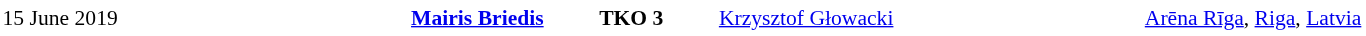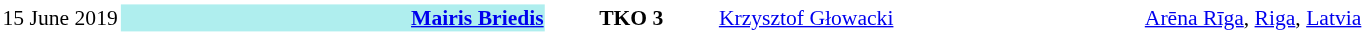 <table cellspacing="1" style="width:100%;">
 <tr>
 <th width="15%"></th>
 <th width="25%"></th>
 <th width="10%"></th>
 <th width="25%"></th>
 <td></td>
 </tr>
 <tr style="font-size:100%">
 <td align="right">15 June 2019</td>
-<td align="right"><strong><a href='#'>Mairis Briedis</a></strong> </td>
+<td align="right" style="background: paleturquoise;"><strong><a href='#'>Mairis Briedis</a></strong> </td>
 <td align="center"><strong>TKO 3</strong></td>
 <td> <a href='#'>Krzysztof Głowacki</a></td>
 <td><a href='#'>Arēna Rīga</a>, <a href='#'>Riga</a>, <a href='#'>Latvia</a></td>
 </tr>
 </table>
